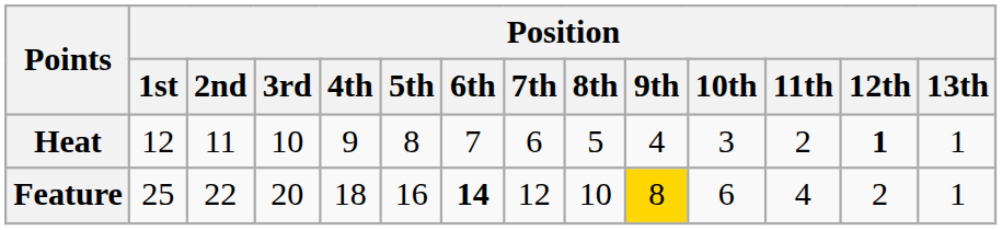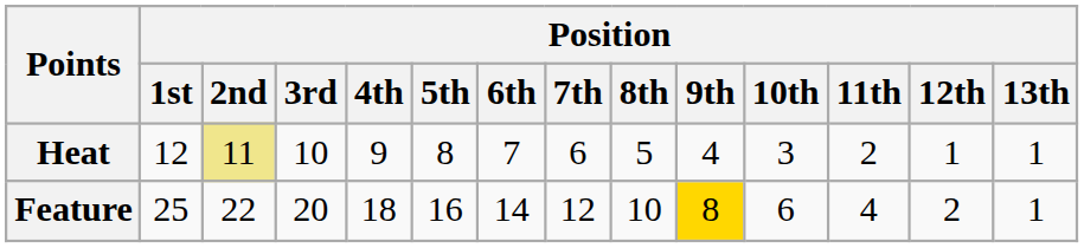 <table class="wikitable" style="font-size:85%; text-align:center">
 <tr>
 <th rowspan=2>Points</th>
 <th colspan=28>Position</th>
 </tr>
 <tr>
 <th>1st</th>
 <th>2nd</th>
 <th>3rd</th>
 <th>4th</th>
 <th>5th</th>
 <th>6th</th>
 <th>7th</th>
 <th>8th</th>
 <th>9th</th>
 <th>10th</th>
 <th>11th</th>
 <th>12th</th>
 <th>13th</th>
 </tr>
 <tr>
 <th>Heat</th>
 <td>12</td>
-<td>11</td>
+<td style="background: khaki;">11</td>
 <td>10</td>
 <td>9</td>
 <td>8</td>
 <td>7</td>
 <td>6</td>
 <td>5</td>
 <td>4</td>
 <td>3</td>
 <td>2</td>
-<td><strong>1</strong></td>
+<td>1</td>
 <td>1</td>
 </tr>
 <tr>
 <th>Feature</th>
 <td>25</td>
 <td>22</td>
 <td>20</td>
 <td>18</td>
 <td>16</td>
-<td><strong>14</strong></td>
+<td>14</td>
 <td>12</td>
 <td>10</td>
 <td style="background: gold;">8</td>
 <td>6</td>
 <td>4</td>
 <td>2</td>
 <td>1</td>
 </tr>
 </table>
